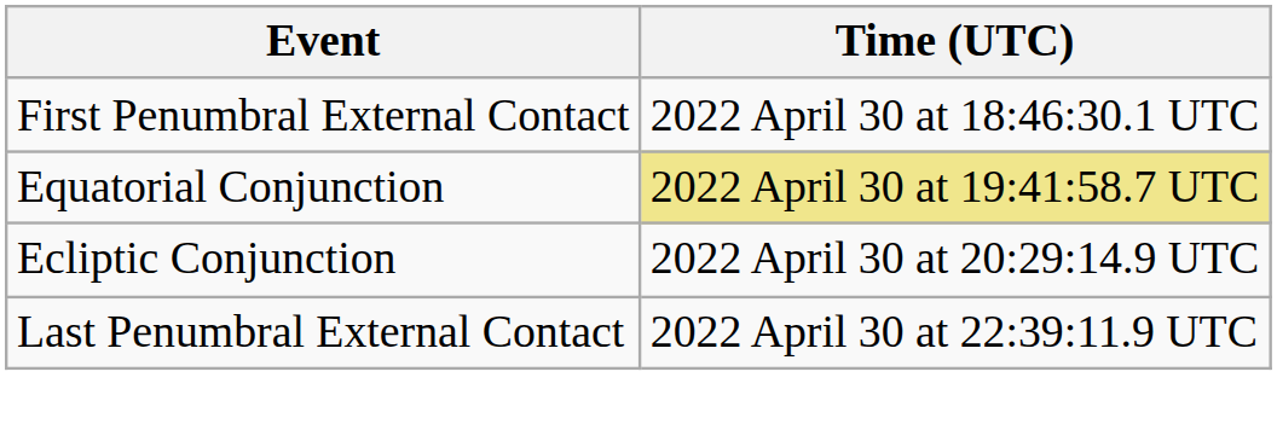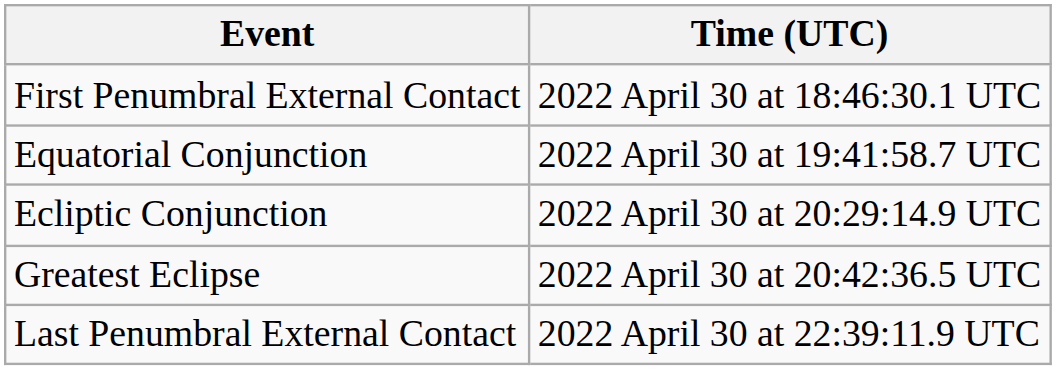 <table class="wikitable">
 <tr>
 <th>Event</th>
 <th>Time (UTC)</th>
 </tr>
 <tr>
 <td>First Penumbral External Contact</td>
 <td>2022 April 30 at 18:46:30.1 UTC</td>
 </tr>
 <tr>
 <td>Equatorial Conjunction</td>
-<td style="background: khaki;">2022 April 30 at 19:41:58.7 UTC</td>
+<td>2022 April 30 at 19:41:58.7 UTC</td>
 </tr>
 <tr>
 <td>Ecliptic Conjunction</td>
 <td>2022 April 30 at 20:29:14.9 UTC</td>
 </tr>
 <tr>
+<td>Greatest Eclipse</td>
+<td>2022 April 30 at 20:42:36.5 UTC</td>
+</tr>
+<tr>
 <td>Last Penumbral External Contact</td>
 <td>2022 April 30 at 22:39:11.9 UTC</td>
 </tr>
 </table>
